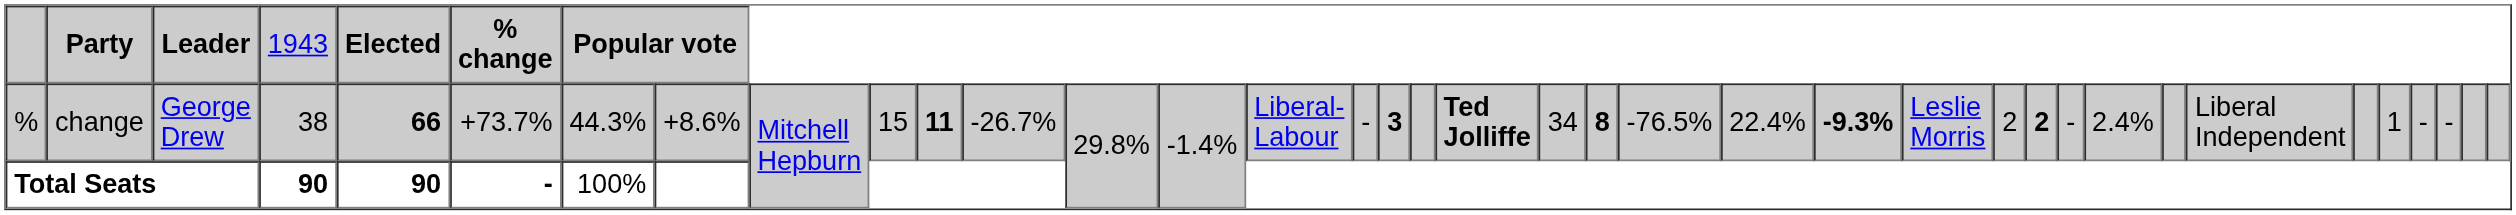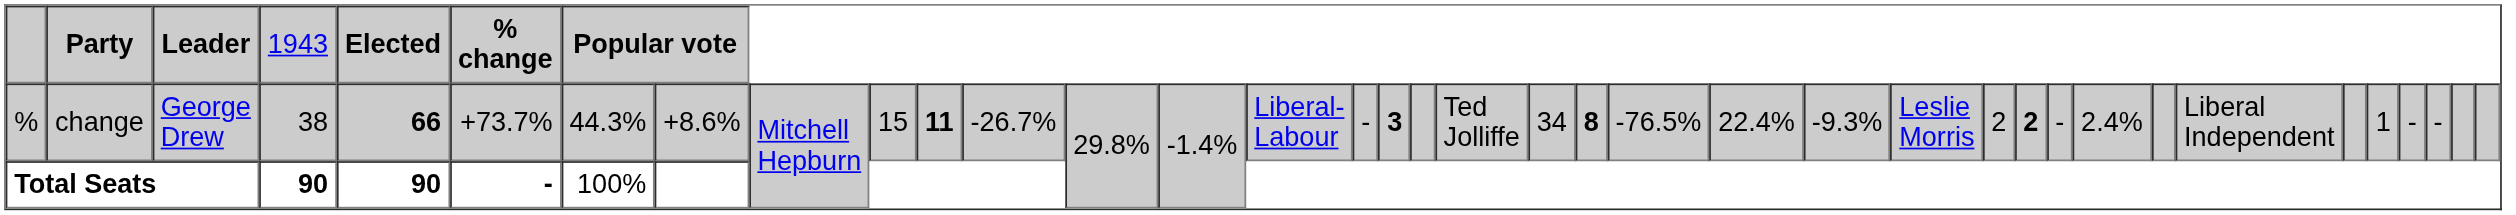 <table border="1" cellpadding="4" cellspacing="0" style="border-collapse: collapse border-color: #444444">
 <tr bgcolor="CCCCCC">
 <th rowspan="2"> </th>
 <th rowspan="2">Party</th>
 <th rowspan="2">Leader</th>
 <td rowspan="2" align="center"><a href='#'>1943</a></td>
 <th rowspan="2" align="center">Elected</th>
 <th rowspan="2" align="center">% change</th>
 <th colspan=2 align="center">Popular vote</th>
 </tr>
 <tr>
 </tr>
 <tr bgcolor="CCCCCC">
 <td align=center>%</td>
 <td align=center>change<br></td>
 <td><a href='#'>George Drew</a></td>
 <td align="right">38</td>
 <td align="right"><strong>66</strong></td>
 <td align="right">+73.7%</td>
 <td align="right">44.3%</td>
 <td align="right">+8.6%<br></td>
 <td rowspan=2><a href='#'>Mitchell Hepburn</a></td>
 <td align="right">15</td>
 <td align="right"><strong>11</strong></td>
 <td align="right">-26.7%</td>
 <td rowspan=2 align="right">29.8%</td>
 <td rowspan=2 align="right">-1.4%<br></td>
 <td><a href='#'>Liberal-Labour</a></td>
 <td align="right">-</td>
 <td align="right"><strong>3</strong></td>
 <td align="right"> <br></td>
-<td><strong>Ted Jolliffe</strong></td>
+<td>Ted Jolliffe</td>
 <td align="right">34</td>
 <td align="right"><strong>8</strong></td>
 <td align="right">-76.5%</td>
 <td align="right">22.4%</td>
-<td align="right"><strong>-9.3%<br></strong></td>
+<td align="right">-9.3%<br></td>
 <td><a href='#'>Leslie Morris</a></td>
 <td align="right">2</td>
 <td align="right"><strong>2</strong></td>
 <td align="right">-</td>
 <td align="right">2.4%</td>
 <td align="right"> <br></td>
 <td>Liberal Independent</td>
 <td> </td>
 <td align="right">1</td>
 <td align="right">-</td>
 <td align="right">-</td>
 <td align="right"> </td>
 <td align="right"> </td>
 </tr>
 <tr>
 <td colspan="3"><strong>Total Seats</strong></td>
 <td align="right"><strong>90</strong></td>
 <td align="right"><strong>90</strong></td>
 <td align="right"><strong>-</strong></td>
 <td align="right">100%</td>
 <td align="right"> </td>
 </tr>
 </table>
